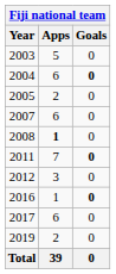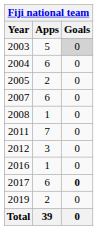 <table class="wikitable" style="text-align:center">
 <tr>
 <th colspan=3><a href='#'>Fiji national team</a></th>
 </tr>
 <tr>
 <th>Year</th>
 <th>Apps</th>
 <th>Goals</th>
 </tr>
 <tr>
 <td>2003</td>
 <td>5</td>
-<td>0</td>
+<td style="background: lightgrey;">0</td>
 </tr>
 <tr>
 <td>2004</td>
 <td>6</td>
-<td><strong>0</strong></td>
+<td>0</td>
 </tr>
 <tr>
 <td>2005</td>
 <td>2</td>
 <td>0</td>
 </tr>
 <tr>
 <td>2007</td>
 <td>6</td>
 <td>0</td>
 </tr>
 <tr>
 <td>2008</td>
-<td><strong>1</strong></td>
+<td>1</td>
 <td>0</td>
 </tr>
 <tr>
 <td>2011</td>
 <td>7</td>
-<td><strong>0</strong></td>
+<td>0</td>
 </tr>
 <tr>
 <td>2012</td>
 <td>3</td>
 <td>0</td>
 </tr>
 <tr>
 <td>2016</td>
 <td>1</td>
-<td><strong>0</strong></td>
+<td>0</td>
 </tr>
 <tr>
 <td>2017</td>
 <td>6</td>
-<td>0</td>
+<td><strong>0</strong></td>
 </tr>
 <tr>
 <td>2019</td>
 <td>2</td>
 <td>0</td>
 </tr>
 <tr>
 <th>Total</th>
 <th>39</th>
 <th>0</th>
 </tr>
 </table>
